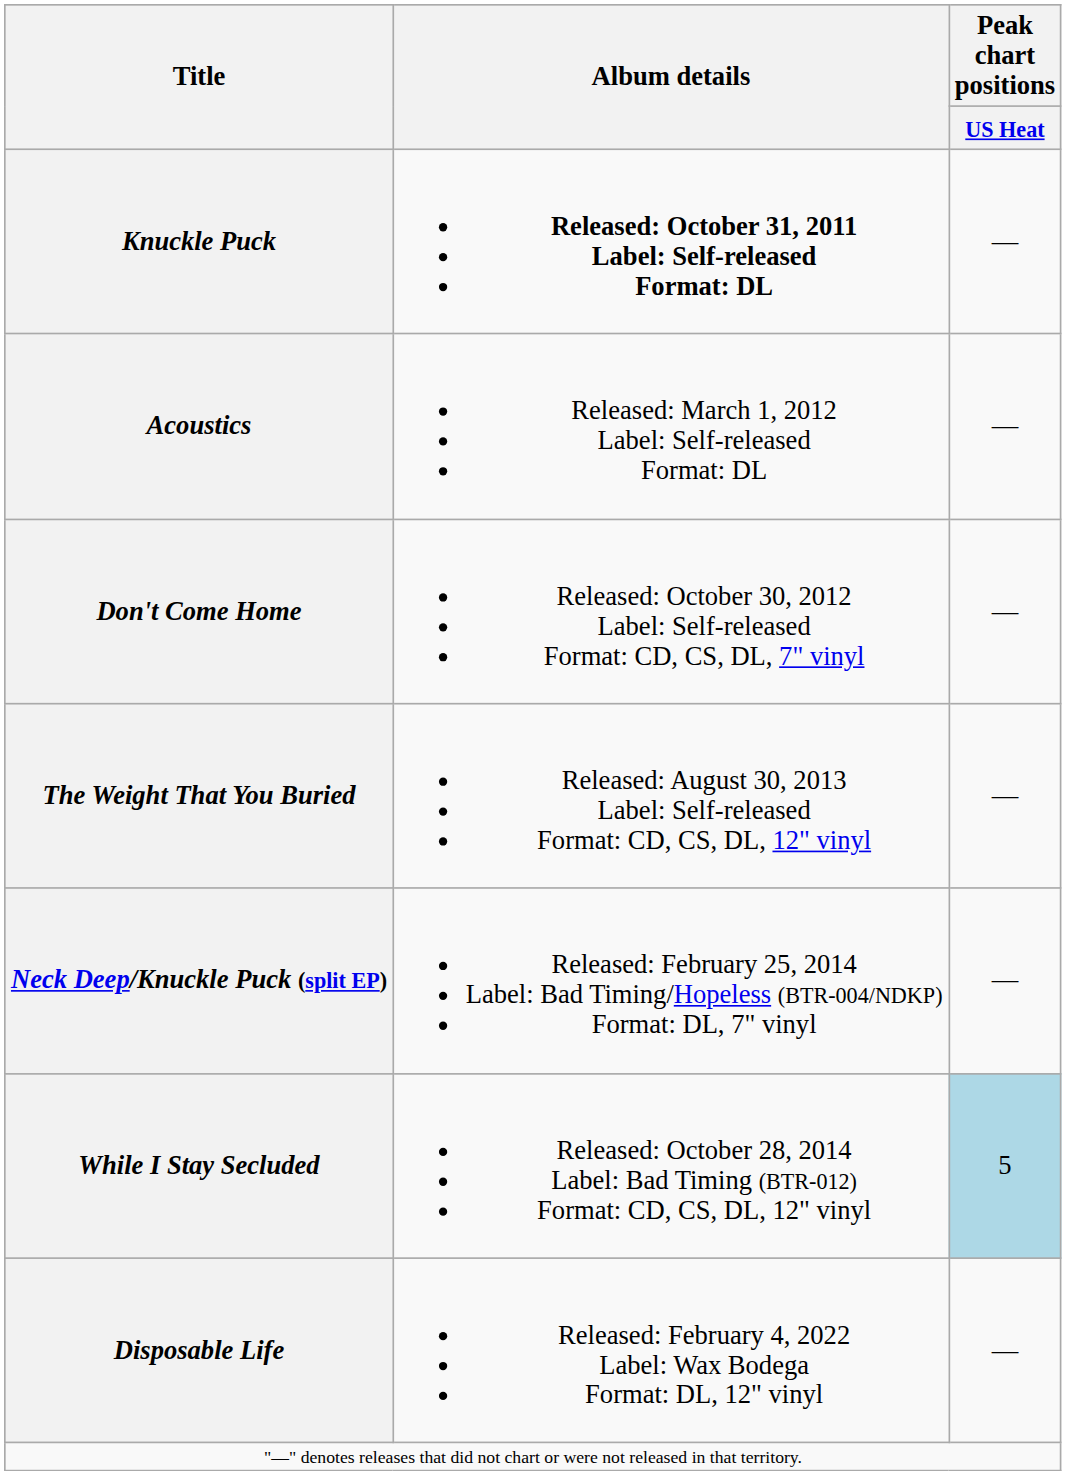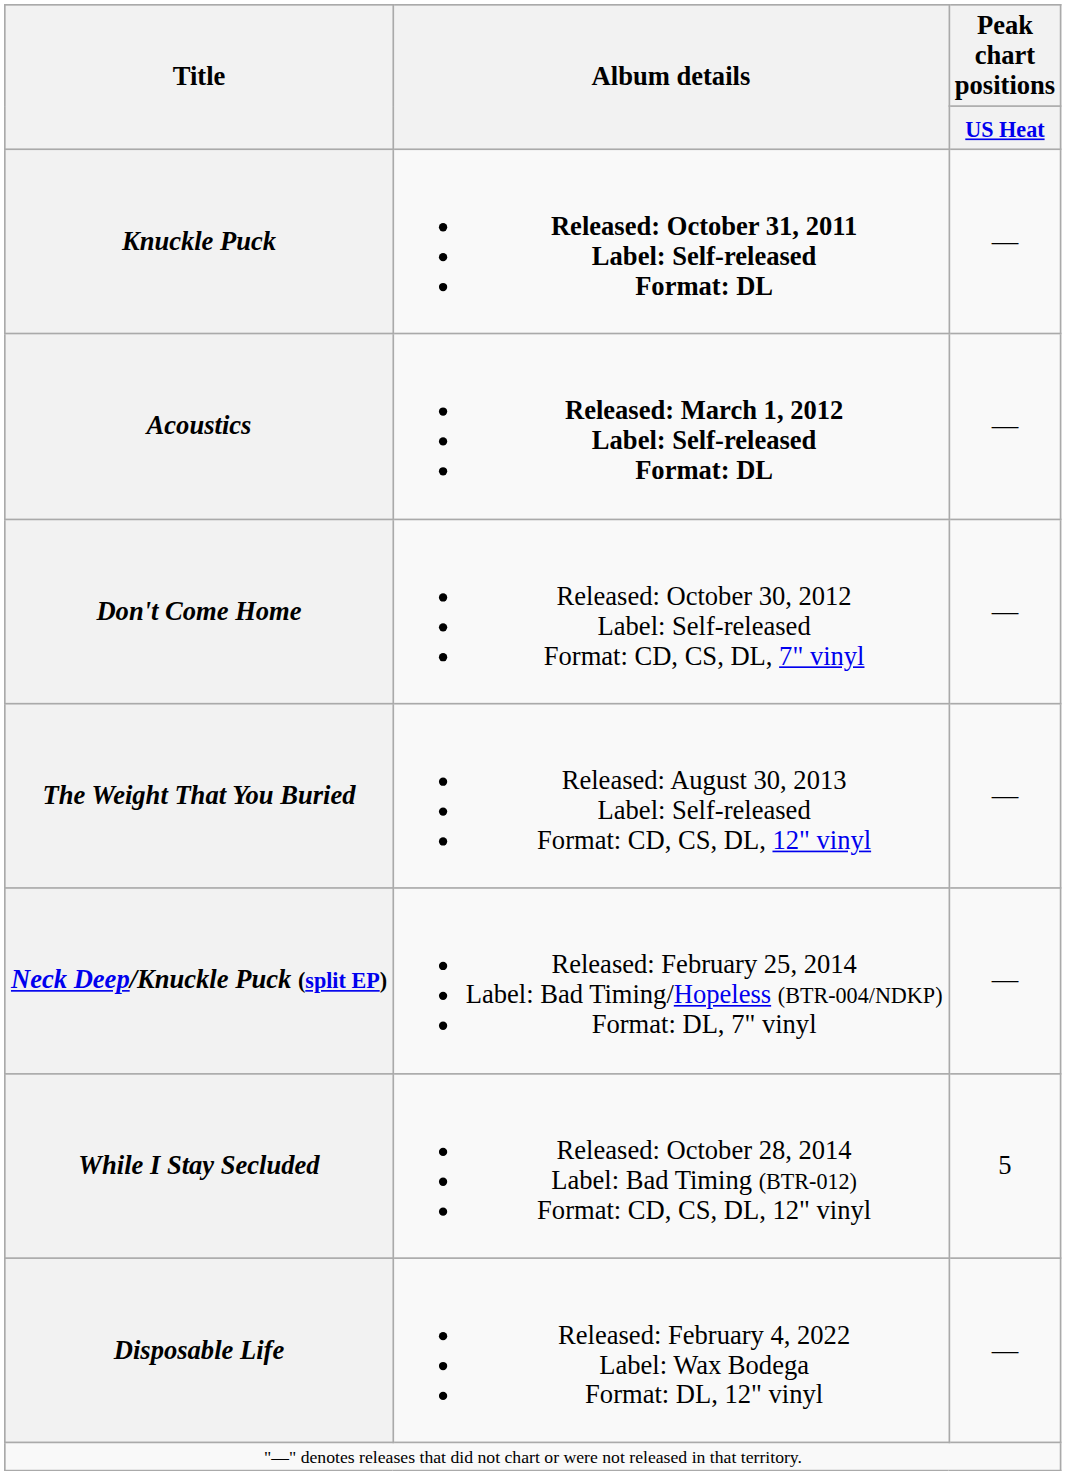 <table class="wikitable plainrowheaders" style="text-align:center;">
 <tr>
 <th scope="col" rowspan="2">Title</th>
 <th scope="col" rowspan="2">Album details</th>
 <th scope="col" colspan="1">Peak chart<br>positions</th>
 </tr>
 <tr>
 <th style="width:30px;"><small><a href='#'>US Heat</a></small><br></th>
 </tr>
 <tr>
 <th scope="row"><em>Knuckle Puck</em></th>
 <td><strong><br><ul><li>Released: October 31, 2011</li><li>Label: Self-released</li><li>Format: DL</li></ul></strong></td>
 <td>—</td>
 </tr>
 <tr>
 <th scope="row"><em>Acoustics</em></th>
-<td><br><ul><li>Released: March 1, 2012</li><li>Label: Self-released</li><li>Format: DL</li></ul></td>
+<td><strong><br><ul><li>Released: March 1, 2012</li><li>Label: Self-released</li><li>Format: DL</li></ul></strong></td>
 <td>—</td>
 </tr>
 <tr>
 <th scope="row"><em>Don't Come Home</em></th>
 <td><br><ul><li>Released: October 30, 2012</li><li>Label: Self-released</li><li>Format: CD, CS, DL, <a href='#'>7" vinyl</a></li></ul></td>
 <td>—</td>
 </tr>
 <tr>
 <th scope="row"><em>The Weight That You Buried</em></th>
 <td><br><ul><li>Released: August 30, 2013</li><li>Label: Self-released</li><li>Format: CD, CS, DL, <a href='#'>12" vinyl</a></li></ul></td>
 <td>—</td>
 </tr>
 <tr>
 <th scope="row"><em><a href='#'>Neck Deep</a>/Knuckle Puck</em> <small>(<a href='#'>split EP</a>)</small></th>
 <td><br><ul><li>Released: February 25, 2014</li><li>Label: Bad Timing/<a href='#'>Hopeless</a> <small>(BTR-004/NDKP)</small></li><li>Format: DL, 7" vinyl</li></ul></td>
 <td>—</td>
 </tr>
 <tr>
 <th scope="row"><em>While I Stay Secluded</em></th>
 <td><br><ul><li>Released: October 28, 2014</li><li>Label: Bad Timing <small>(BTR-012)</small></li><li>Format: CD, CS, DL, 12" vinyl</li></ul></td>
-<td style="background: lightblue;">5</td>
+<td>5</td>
 </tr>
 <tr>
 <th scope="row"><em>Disposable Life</em></th>
 <td><br><ul><li>Released: February 4, 2022</li><li>Label: Wax Bodega</li><li>Format: DL, 12" vinyl</li></ul></td>
 <td>—</td>
 </tr>
 <tr>
 <td align="center" colspan="13" style="font-size: 8pt">"—" denotes releases that did not chart or were not released in that territory.</td>
 </tr>
 </table>
